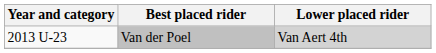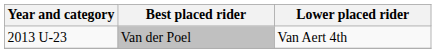 <table class=wikitable>
 <tr>
 <th>Year and category</th>
 <th width=175>Best placed rider</th>
 <th width=175>Lower placed rider</th>
 </tr>
 <tr>
 <td>2013 U-23</td>
 <td bgcolor="C0C0C0"> Van der Poel</td>
-<td style="background: lightgrey;"> Van Aert 4th</td>
+<td> Van Aert 4th</td>
 </tr>
 <tr>
 </tr>
 </table>
